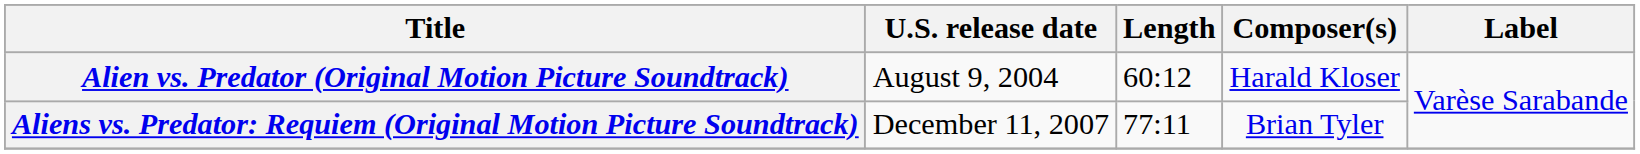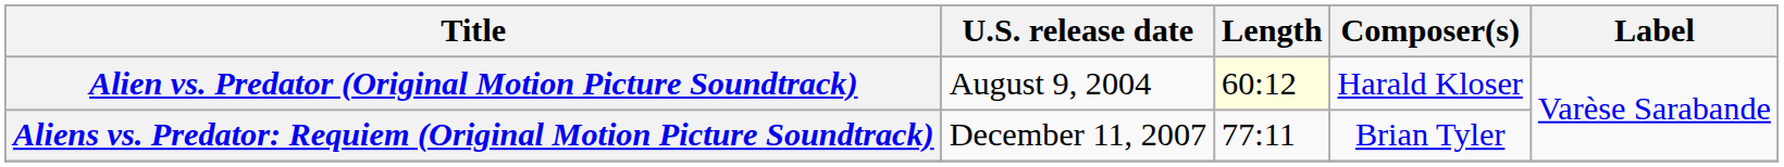 <table class="wikitable plainrowheaders" style="text-align:center">
 <tr>
 <th>Title</th>
 <th>U.S. release date</th>
 <th>Length</th>
 <th>Composer(s)</th>
 <th>Label</th>
 </tr>
 <tr>
 <th scope="row"><em><a href='#'>Alien vs. Predator (Original Motion Picture Soundtrack)</a></em></th>
 <td style="text-align:left">August 9, 2004</td>
-<td style="text-align:left">60:12</td>
+<td style="background: lightyellow; text-align:left">60:12</td>
 <td><a href='#'>Harald Kloser</a></td>
 <td rowspan="2"><a href='#'>Varèse Sarabande</a></td>
 </tr>
 <tr>
 <th scope="row"><em><a href='#'>Aliens vs. Predator: Requiem (Original Motion Picture Soundtrack)</a></em></th>
 <td style="text-align:left">December 11, 2007</td>
 <td style="text-align:left">77:11</td>
 <td><a href='#'>Brian Tyler</a></td>
 </tr>
 <tr>
 </tr>
 </table>
